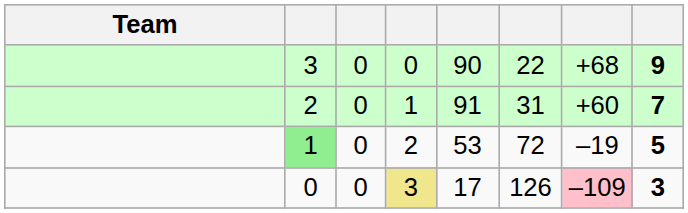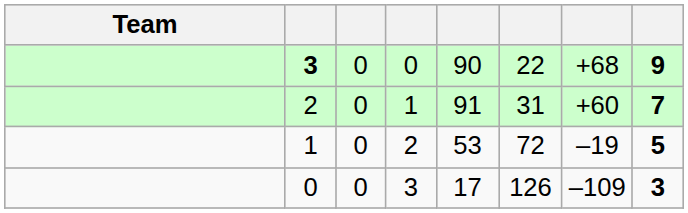 <table class="wikitable" style="text-align:center;">
 <tr>
 <th style="width:10.5em;">Team</th>
 <th style="width:1.5em;"></th>
 <th style="width:1.5em;"></th>
 <th style="width:1.5em;"></th>
 <th style="width:2.0em;"></th>
 <th style="width:2.0em;"></th>
 <th style="width:2.3em;"></th>
 <th style="width:1.5em;"></th>
 </tr>
 <tr bgcolor=#cfc>
 <td align="left"></td>
-<td>3</td>
+<td><strong>3</strong></td>
 <td>0</td>
 <td>0</td>
 <td>90</td>
 <td>22</td>
 <td>+68</td>
 <td><strong>9</strong></td>
 </tr>
 <tr bgcolor=#cfc>
 <td align="left"></td>
 <td>2</td>
 <td>0</td>
 <td>1</td>
 <td>91</td>
 <td>31</td>
 <td>+60</td>
 <td><strong>7</strong></td>
 </tr>
 <tr>
 <td align="left"></td>
-<td style="background: lightgreen;">1</td>
+<td>1</td>
 <td>0</td>
 <td>2</td>
 <td>53</td>
 <td>72</td>
 <td>–19</td>
 <td><strong>5</strong></td>
 </tr>
 <tr>
 <td align="left"></td>
 <td>0</td>
 <td>0</td>
-<td style="background: khaki;">3</td>
+<td>3</td>
 <td>17</td>
 <td>126</td>
-<td style="background: pink;">–109</td>
+<td>–109</td>
 <td><strong>3</strong></td>
 </tr>
 </table>
